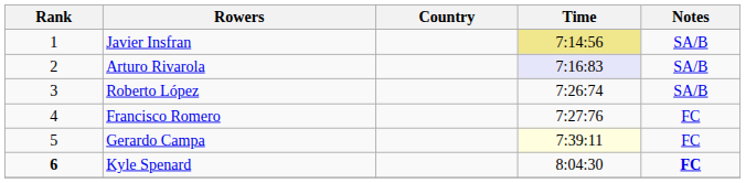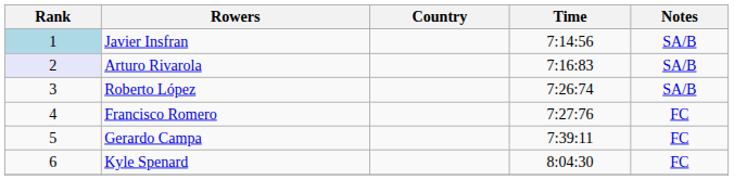 <table class="wikitable" width=60% style="text-align:center">
 <tr>
 <th>Rank</th>
 <th>Rowers</th>
 <th>Country</th>
 <th>Time</th>
 <th>Notes</th>
 </tr>
 <tr>
-<td>1</td>
+<td style="background: lightblue;">1</td>
 <td align=left><a href='#'>Javier Insfran</a></td>
 <td align=left></td>
-<td style="background: khaki;">7:14:56</td>
+<td>7:14:56</td>
 <td><a href='#'>SA/B</a></td>
 </tr>
 <tr>
-<td>2</td>
+<td style="background: lavender;">2</td>
 <td align=left><a href='#'>Arturo Rivarola</a></td>
 <td align=left></td>
-<td style="background: lavender;">7:16:83</td>
+<td>7:16:83</td>
 <td><a href='#'>SA/B</a></td>
 </tr>
 <tr>
 <td>3</td>
 <td align=left><a href='#'>Roberto López</a></td>
 <td align=left></td>
 <td>7:26:74</td>
 <td><a href='#'>SA/B</a></td>
 </tr>
 <tr>
 <td>4</td>
 <td align=left><a href='#'>Francisco Romero</a></td>
 <td align=left></td>
 <td>7:27:76</td>
 <td><a href='#'>FC</a></td>
 </tr>
 <tr>
 <td>5</td>
 <td align=left><a href='#'>Gerardo Campa</a></td>
 <td align=left></td>
-<td style="background: lightyellow;">7:39:11</td>
+<td>7:39:11</td>
 <td><a href='#'>FC</a></td>
 </tr>
 <tr>
-<td><strong>6</strong></td>
+<td>6</td>
 <td align=left><a href='#'>Kyle Spenard</a></td>
 <td align=left></td>
 <td>8:04:30</td>
-<td><strong><a href='#'>FC</a></strong></td>
+<td><a href='#'>FC</a></td>
 </tr>
 <tr>
 </tr>
 </table>
